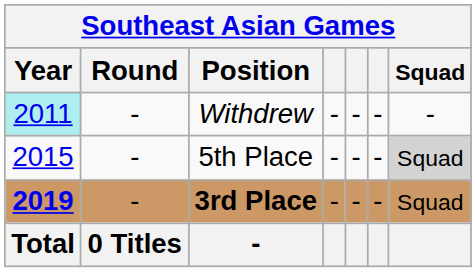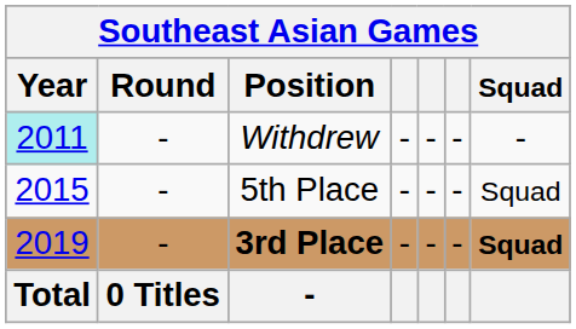 <table class="wikitable" style="text-align: center;">
 <tr>
 <th colspan=9><a href='#'>Southeast Asian Games</a></th>
 </tr>
 <tr>
 <th>Year</th>
 <th>Round</th>
 <th>Position</th>
 <th></th>
 <th></th>
 <th></th>
 <th><small>Squad</small></th>
 </tr>
 <tr>
 <td style="background: paleturquoise;"> <a href='#'>2011</a></td>
 <td>-</td>
 <td><em>Withdrew</em></td>
 <td>-</td>
 <td>-</td>
 <td>-</td>
 <td>-</td>
 </tr>
 <tr>
 <td> <a href='#'>2015</a></td>
 <td>-</td>
 <td>5th Place</td>
 <td>-</td>
 <td>-</td>
 <td>-</td>
-<td style="background: lightgrey;"><small>Squad</small></td>
+<td><small>Squad</small></td>
 </tr>
 <tr bgcolor=cc9966>
-<td><strong> <a href='#'>2019</a></strong></td>
+<td> <a href='#'>2019</a></td>
 <td>-</td>
 <td><strong>3rd Place</strong></td>
 <td>-</td>
 <td>-</td>
 <td>-</td>
-<td><small>Squad</small></td>
+<td><strong><small>Squad</small></strong></td>
 </tr>
 <tr>
 <th>Total</th>
 <th>0 Titles</th>
 <th>-</th>
 <th></th>
 <th></th>
 <th></th>
 <th></th>
 </tr>
 </table>
